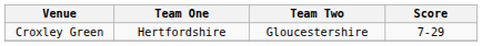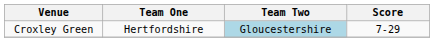 <table class="wikitable" style="text-align: center">
 <tr>
 <th width=120>Venue</th>
 <th width=150>Team One</th>
 <th width=150>Team Two</th>
 <th width=100>Score</th>
 </tr>
 <tr>
 <td>Croxley Green</td>
 <td>Hertfordshire</td>
-<td>Gloucestershire</td>
+<td style="background: lightblue;">Gloucestershire</td>
 <td>7-29</td>
 </tr>
 <tr>
 </tr>
 </table>
